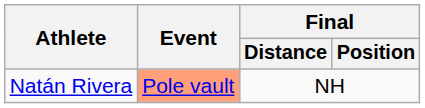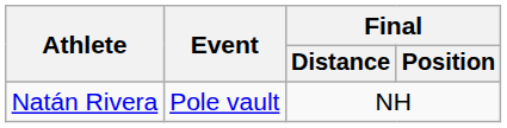 <table class=wikitable style="font-size:90%">
 <tr>
 <th rowspan="2">Athlete</th>
 <th rowspan="2">Event</th>
 <th colspan="2">Final</th>
 </tr>
 <tr style="font-size:95%">
 <th>Distance</th>
 <th>Position</th>
 </tr>
 <tr align=center>
 <td align=left><a href='#'>Natán Rivera</a></td>
-<td align=left style="background: lightsalmon;"><a href='#'>Pole vault</a></td>
+<td align=left><a href='#'>Pole vault</a></td>
 <td colspan=2>NH</td>
 </tr>
 </table>
